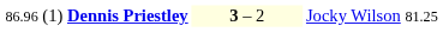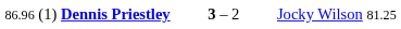 <table style="text-align:center">
 <tr>
 <th width=223></th>
 <th width=100></th>
 <th width=223></th>
 </tr>
 <tr>
 <td align=right><small>86.96</small> (1) <strong><a href='#'>Dennis Priestley</a></strong> </td>
-<td style="background: lightyellow;"><strong>3</strong> – 2</td>
+<td><strong>3</strong> – 2</td>
 <td align=left> <a href='#'>Jocky Wilson</a> <small>81.25</small></td>
 </tr>
 </table>
